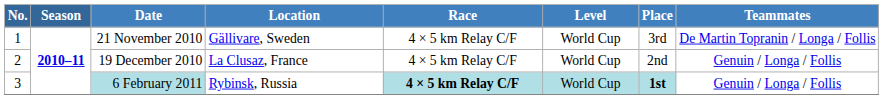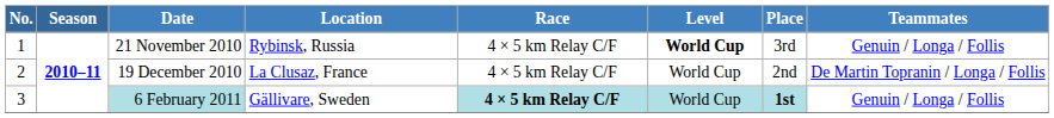 <table class="wikitable sortable" style="font-size:95%; text-align:center; border:grey solid 1px; border-collapse:collapse; background:#ffffff;">
 <tr style="background:#efefef;">
 <th style="background-color:#369; color:white;">No.</th>
 <th style="background-color:#369; color:white;">Season</th>
 <th style="background-color:#4180be; color:white; width:120px;">Date</th>
 <th style="background-color:#4180be; color:white; width:190px;">Location</th>
 <th style="background-color:#4180be; color:white; width:170px;">Race</th>
 <th style="background-color:#4180be; color:white; width:100px;">Level</th>
 <th style="background-color:#4180be; color:white;">Place</th>
 <th style="background-color:#4180be; color:white;">Teammates</th>
 </tr>
 <tr>
 <td align=center>1</td>
 <td rowspan=3 align=center><strong> <a href='#'>2010–11</a> </strong></td>
 <td align=right>21 November 2010</td>
-<td align=left> <a href='#'>Gällivare</a>, Sweden</td>
+<td align=left> <a href='#'>Rybinsk</a>, Russia</td>
 <td>4 × 5 km Relay C/F</td>
-<td>World Cup</td>
+<td><strong>World Cup</strong></td>
 <td>3rd</td>
-<td><a href='#'>De Martin Topranin</a> / <a href='#'>Longa</a> / <a href='#'>Follis</a></td>
+<td><a href='#'>Genuin</a> / <a href='#'>Longa</a> / <a href='#'>Follis</a></td>
 </tr>
 <tr>
 <td align=center>2</td>
 <td align=right>19 December 2010</td>
 <td align=left> <a href='#'>La Clusaz</a>, France</td>
 <td>4 × 5 km Relay C/F</td>
 <td>World Cup</td>
 <td>2nd</td>
-<td><a href='#'>Genuin</a> / <a href='#'>Longa</a> / <a href='#'>Follis</a></td>
+<td><a href='#'>De Martin Topranin</a> / <a href='#'>Longa</a> / <a href='#'>Follis</a></td>
 </tr>
 <tr>
 <td align=center>3</td>
 <td bgcolor="#BOEOE6" align=right>6 February 2011</td>
-<td align=left> <a href='#'>Rybinsk</a>, Russia</td>
+<td align=left> <a href='#'>Gällivare</a>, Sweden</td>
 <td bgcolor="#BOEOE6"><strong>4 × 5 km Relay C/F</strong></td>
 <td bgcolor="#BOEOE6">World Cup</td>
 <td bgcolor="#BOEOE6"><strong>1st</strong></td>
 <td><a href='#'>Genuin</a> / <a href='#'>Longa</a> / <a href='#'>Follis</a></td>
 </tr>
 <tr>
 </tr>
 </table>
